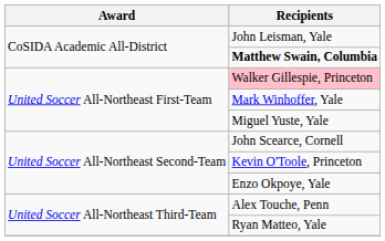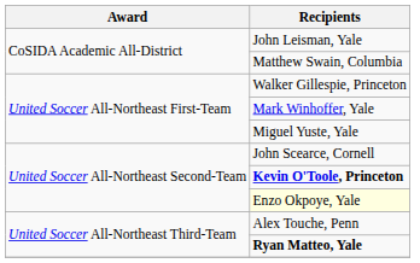 <table class="wikitable" style="white-space:nowrap; font-size:90%;">
 <tr>
 <th>Award</th>
 <th>Recipients</th>
 </tr>
 <tr>
 <td rowspan="2" valign="middle">CoSIDA Academic All-District</td>
 <td>John Leisman, Yale</td>
 </tr>
 <tr>
-<td><strong>Matthew Swain, Columbia</strong></td>
+<td>Matthew Swain, Columbia</td>
 </tr>
 <tr>
 <td rowspan="3"><em><a href='#'>United Soccer</a></em> All-Northeast First-Team</td>
-<td style="background: pink;">Walker Gillespie, Princeton</td>
+<td>Walker Gillespie, Princeton</td>
 </tr>
 <tr>
 <td><a href='#'>Mark Winhoffer</a>, Yale</td>
 </tr>
 <tr>
 <td>Miguel Yuste, Yale</td>
 </tr>
 <tr>
 <td rowspan="3"><em><a href='#'>United Soccer</a></em> All-Northeast Second-Team</td>
 <td>John Scearce, Cornell</td>
 </tr>
 <tr>
-<td><a href='#'>Kevin O'Toole</a>, Princeton</td>
+<td><strong><a href='#'>Kevin O'Toole</a>, Princeton</strong></td>
 </tr>
 <tr>
-<td>Enzo Okpoye, Yale</td>
+<td style="background: lightyellow;">Enzo Okpoye, Yale</td>
 </tr>
 <tr>
 <td rowspan="2"><em><a href='#'>United Soccer</a></em> All-Northeast Third-Team</td>
 <td>Alex Touche, Penn</td>
 </tr>
 <tr>
-<td>Ryan Matteo, Yale</td>
+<td><strong>Ryan Matteo, Yale</strong></td>
 </tr>
 <tr>
 </tr>
 </table>
